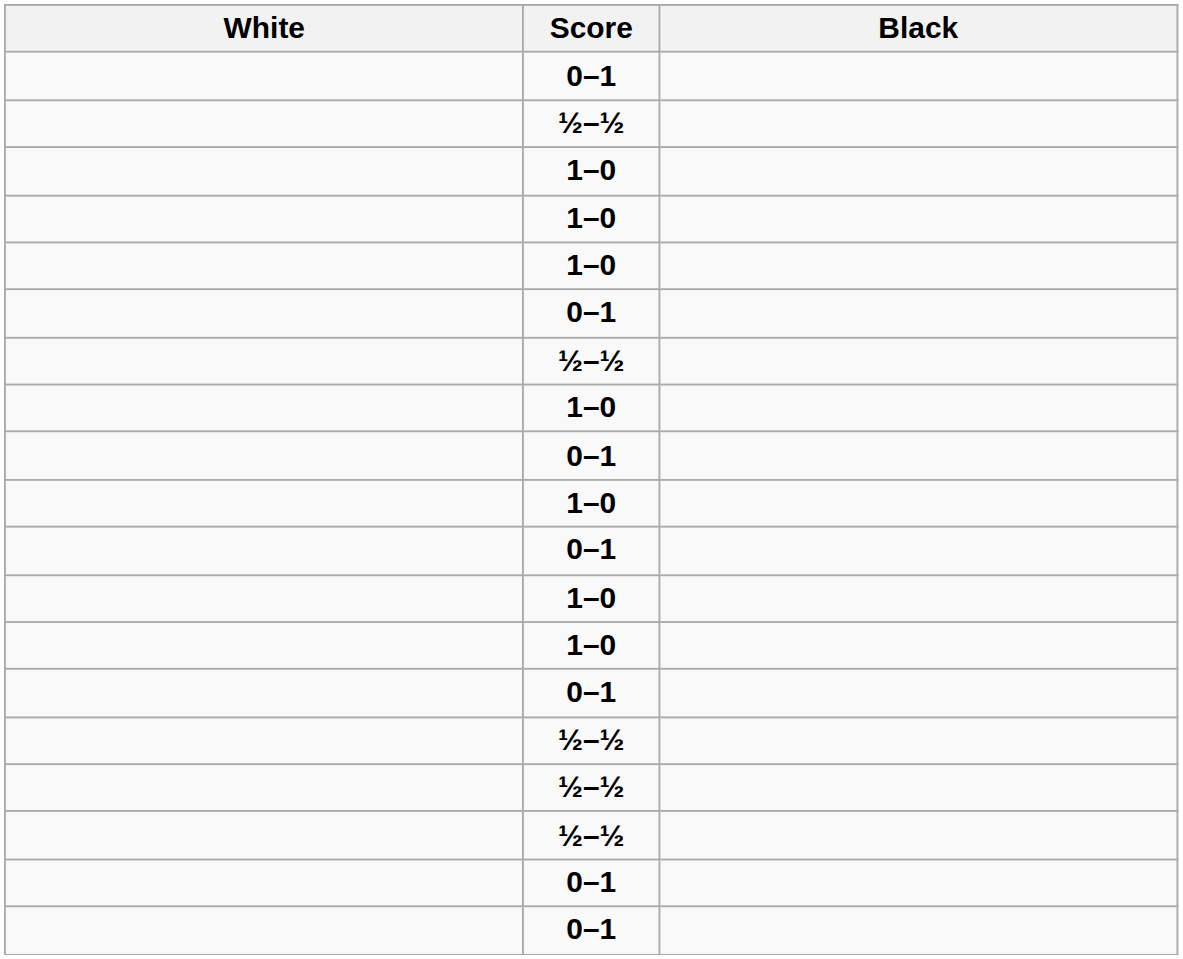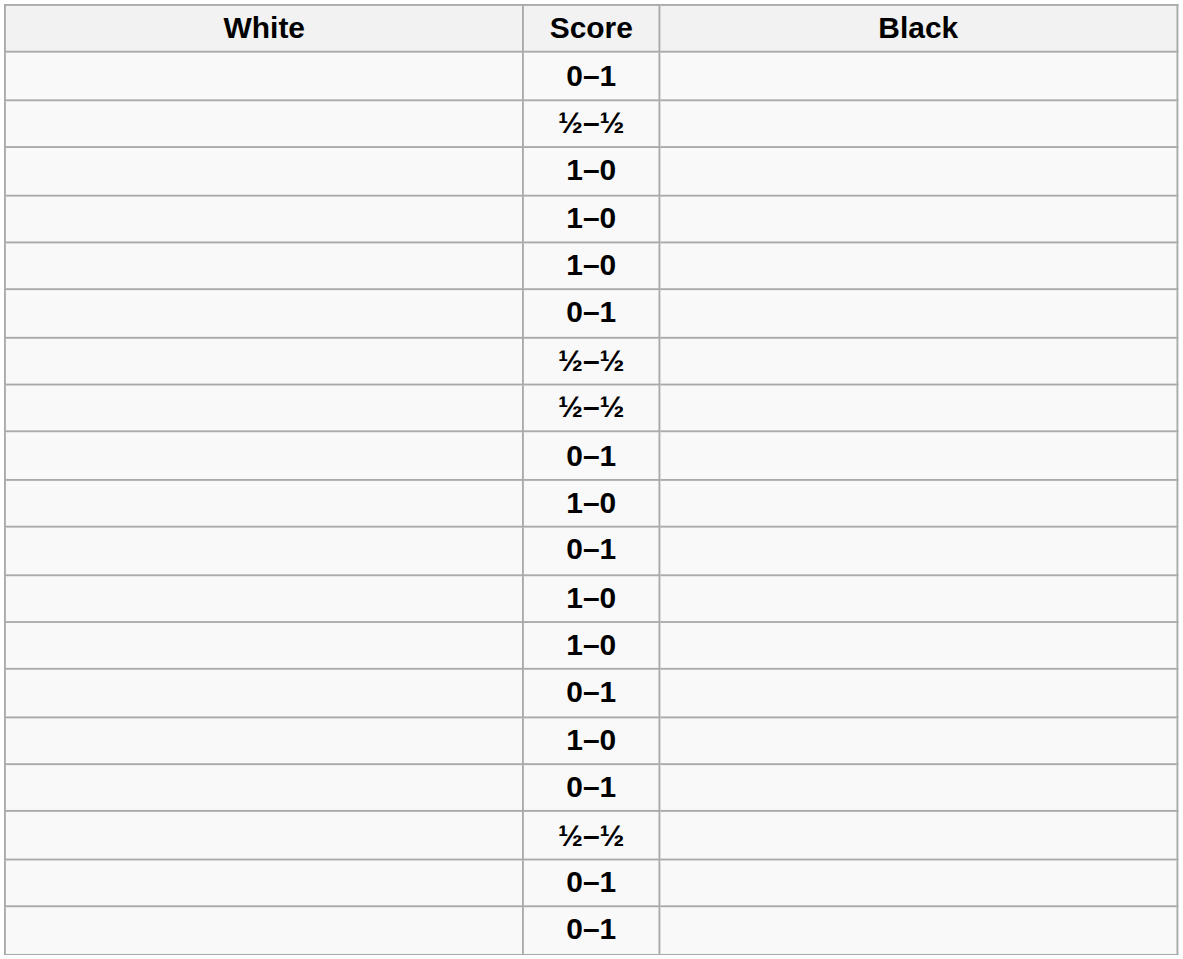 <table class="wikitable" style="text-align: center;">
 <tr>
 <th align="right" width="270">White</th>
 <th width="65">Score</th>
 <th align="left" width="270">Black</th>
 </tr>
 <tr>
 <td align=left></td>
 <td align=center><strong>0–1</strong></td>
 <td align=left><strong></strong></td>
 </tr>
 <tr>
 <td align=left></td>
 <td align=center><strong>½–½</strong></td>
 <td align=left></td>
 </tr>
 <tr>
 <td align=left><strong></strong></td>
 <td align=center><strong>1–0</strong></td>
 <td align=left></td>
 </tr>
 <tr>
 <td align=left><strong></strong></td>
 <td align=center><strong>1–0</strong></td>
 <td align=left></td>
 </tr>
 <tr>
 <td align=left><strong></strong></td>
 <td align=center><strong>1–0</strong></td>
 <td align=left></td>
 </tr>
 <tr>
 <td align=left></td>
 <td align=center><strong>0–1</strong></td>
 <td align=left><strong></strong></td>
 </tr>
 <tr>
 <td align=left></td>
 <td align=center><strong>½–½</strong></td>
 <td align=left><strong></strong></td>
 </tr>
 <tr>
 <td align=left></td>
-<td align=center><strong>1–0</strong></td>
+<td align=center><strong>½–½</strong></td>
 <td align=left></td>
 </tr>
 <tr>
 <td align=left></td>
 <td align=center><strong>0–1</strong></td>
 <td align=left><strong></strong></td>
 </tr>
 <tr>
 <td align=left><strong></strong></td>
 <td align=center><strong>1–0</strong></td>
 <td align=left></td>
 </tr>
 <tr>
 <td align=left><strong></strong></td>
 <td align=center><strong>0–1</strong></td>
 <td align=left></td>
 </tr>
 <tr>
 <td align=left><strong></strong></td>
 <td align=center><strong>1–0</strong></td>
 <td align=left></td>
 </tr>
 <tr>
 <td align=left><strong></strong></td>
 <td align=center><strong>1–0</strong></td>
 <td align=left></td>
 </tr>
 <tr>
 <td align=left></td>
 <td align=center><strong>0–1</strong></td>
 <td align=left></td>
 </tr>
 <tr>
 <td align=left><strong></strong></td>
-<td align=center><strong>½–½</strong></td>
+<td align=center><strong>1–0</strong></td>
 <td align=left></td>
 </tr>
 <tr>
 <td align=left></td>
-<td align=center><strong>½–½</strong></td>
+<td align=center><strong>0–1</strong></td>
 <td align=left></td>
 </tr>
 <tr>
 <td align=left></td>
 <td align=center><strong>½–½</strong></td>
 <td align=left></td>
 </tr>
 <tr>
 <td align=left><strong></strong></td>
 <td align=center><strong>0–1</strong></td>
 <td align=left></td>
 </tr>
 <tr>
 <td align=left></td>
 <td align=center><strong>0–1</strong></td>
 <td align=left><strong></strong></td>
 </tr>
 </table>
